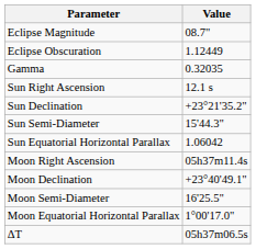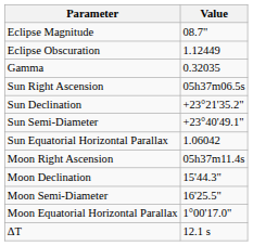 <table class="wikitable">
 <tr>
 <th>Parameter</th>
 <th>Value</th>
 </tr>
 <tr>
 <td>Eclipse Magnitude</td>
 <td>08.7"</td>
 </tr>
 <tr>
 <td>Eclipse Obscuration</td>
 <td>1.12449</td>
 </tr>
 <tr>
 <td>Gamma</td>
 <td>0.32035</td>
 </tr>
 <tr>
 <td>Sun Right Ascension</td>
-<td>12.1 s</td>
+<td>05h37m06.5s</td>
 </tr>
 <tr>
 <td>Sun Declination</td>
 <td>+23°21'35.2"</td>
 </tr>
 <tr>
 <td>Sun Semi-Diameter</td>
-<td>15'44.3"</td>
+<td>+23°40'49.1"</td>
 </tr>
 <tr>
 <td>Sun Equatorial Horizontal Parallax</td>
 <td>1.06042</td>
 </tr>
 <tr>
 <td>Moon Right Ascension</td>
 <td>05h37m11.4s</td>
 </tr>
 <tr>
 <td>Moon Declination</td>
-<td>+23°40'49.1"</td>
+<td>15'44.3"</td>
 </tr>
 <tr>
 <td>Moon Semi-Diameter</td>
 <td>16'25.5"</td>
 </tr>
 <tr>
 <td>Moon Equatorial Horizontal Parallax</td>
 <td>1°00'17.0"</td>
 </tr>
 <tr>
 <td>ΔT</td>
-<td>05h37m06.5s</td>
+<td>12.1 s</td>
 </tr>
 </table>
